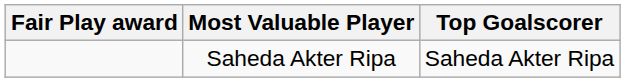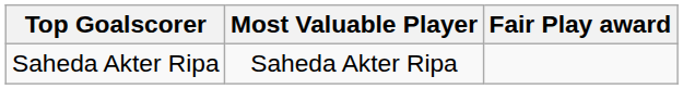 <table class="wikitable" style="text-align: center; margin: 0 auto;">
 <tr>
+<th>Top Goalscorer</th>
+<th>Most Valuable Player </th>
 <th>Fair Play award</th>
-<th>Most Valuable Player </th>
-<th>Top Goalscorer</th>
 </tr>
 <tr>
-<td></td>
 <td> Saheda Akter Ripa</td>
 <td> Saheda Akter Ripa</td>
+<td></td>
 </tr>
 </table>
